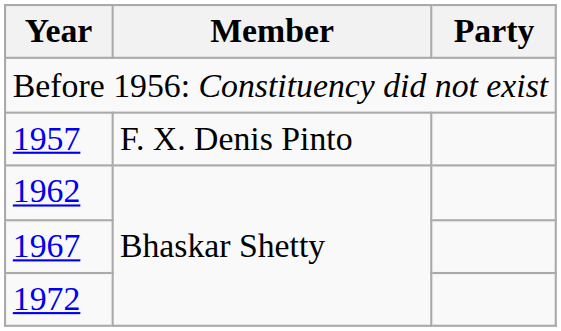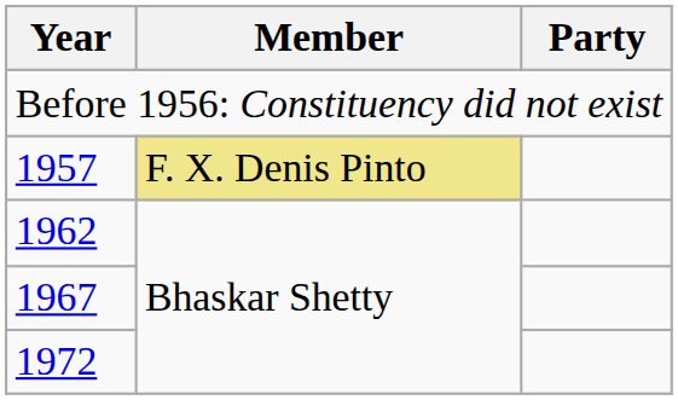 <table class="wikitable">
 <tr>
 <th>Year</th>
 <th>Member</th>
 <th colspan="2">Party</th>
 </tr>
 <tr>
 <td colspan=4>Before 1956: <em>Constituency did not exist</em></td>
 </tr>
 <tr>
 <td><a href='#'>1957</a></td>
-<td>F. X. Denis Pinto</td>
+<td style="background: khaki;">F. X. Denis Pinto</td>
 <td></td>
 </tr>
 <tr>
 <td><a href='#'>1962</a></td>
 <td rowspan=3>Bhaskar Shetty</td>
 <td></td>
 </tr>
 <tr>
 <td><a href='#'>1967</a></td>
 </tr>
 <tr>
 <td><a href='#'>1972</a></td>
 <td></td>
 </tr>
 </table>
